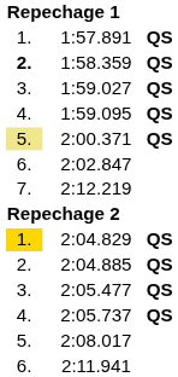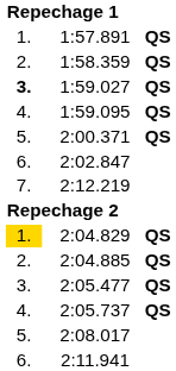 <table style="text-align:center">
 <tr>
 <td colspan=4 align=left><strong>Repechage 1</strong></td>
 </tr>
 <tr>
 <td width=30>1.</td>
 <td align=left></td>
 <td width=80>1:57.891</td>
 <td><strong>QS</strong></td>
 </tr>
 <tr>
-<td><strong>2.</strong></td>
+<td>2.</td>
 <td align=left></td>
 <td>1:58.359</td>
 <td><strong>QS</strong></td>
 </tr>
 <tr>
-<td>3.</td>
+<td><strong>3.</strong></td>
 <td align=left></td>
 <td>1:59.027</td>
 <td><strong>QS</strong></td>
 </tr>
 <tr>
 <td>4.</td>
 <td align=left></td>
 <td>1:59.095</td>
 <td><strong>QS</strong></td>
 </tr>
 <tr>
-<td style="background: khaki;">5.</td>
+<td>5.</td>
 <td align=left></td>
 <td>2:00.371</td>
 <td><strong>QS</strong></td>
 </tr>
 <tr>
 <td>6.</td>
 <td align=left></td>
 <td>2:02.847</td>
 <td></td>
 </tr>
 <tr>
 <td>7.</td>
 <td align=left></td>
 <td>2:12.219</td>
 <td></td>
 </tr>
 <tr>
 <td colspan=4 align=left><strong>Repechage 2</strong></td>
 </tr>
 <tr>
 <td style="background: gold;">1.</td>
 <td align=left></td>
 <td>2:04.829</td>
 <td><strong>QS</strong></td>
 </tr>
 <tr>
 <td>2.</td>
 <td align=left></td>
 <td>2:04.885</td>
 <td><strong>QS</strong></td>
 </tr>
 <tr>
 <td>3.</td>
 <td align=left></td>
 <td>2:05.477</td>
 <td><strong>QS</strong></td>
 </tr>
 <tr>
 <td>4.</td>
 <td align=left></td>
 <td>2:05.737</td>
 <td><strong>QS</strong></td>
 </tr>
 <tr>
 <td>5.</td>
 <td align=left></td>
 <td>2:08.017</td>
 <td></td>
 </tr>
 <tr>
 <td>6.</td>
 <td align=left></td>
 <td>2:11.941</td>
 <td></td>
 </tr>
 </table>
